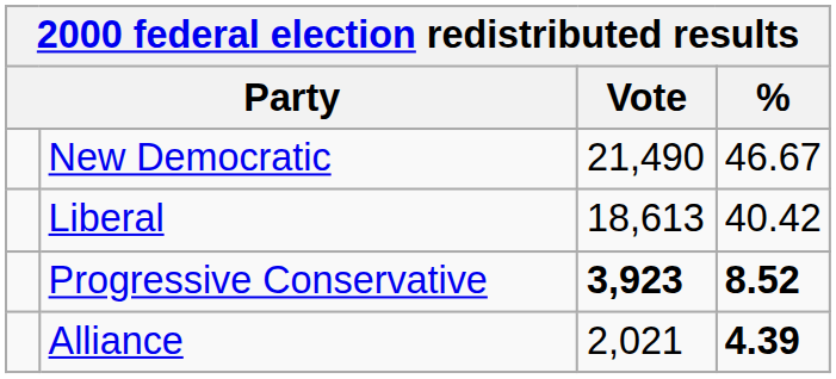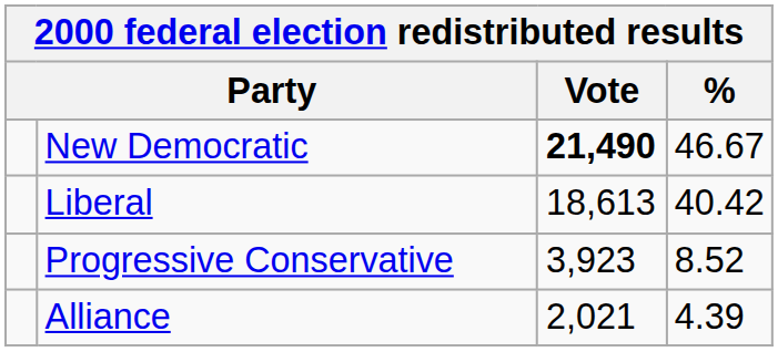 <table class="wikitable">
 <tr>
 <th colspan="4"><a href='#'>2000 federal election</a> redistributed results</th>
 </tr>
 <tr>
 <th bgcolor="#DDDDFF" width="230px" colspan="2">Party</th>
 <th bgcolor="#DDDDFF" width="50px">Vote</th>
 <th bgcolor="#DDDDFF" width="30px">%</th>
 </tr>
 <tr>
 <td> </td>
 <td><a href='#'>New Democratic</a></td>
-<td>21,490</td>
+<td><strong>21,490</strong></td>
 <td>46.67</td>
 </tr>
 <tr>
 <td> </td>
 <td><a href='#'>Liberal</a></td>
 <td>18,613</td>
 <td>40.42</td>
 </tr>
 <tr>
 <td> </td>
 <td><a href='#'>Progressive Conservative</a></td>
-<td><strong>3,923</strong></td>
-<td><strong>8.52</strong></td>
+<td>3,923</td>
+<td>8.52</td>
 </tr>
 <tr>
 <td> </td>
 <td><a href='#'>Alliance</a></td>
 <td>2,021</td>
-<td><strong>4.39</strong></td>
+<td>4.39</td>
 </tr>
 </table>
